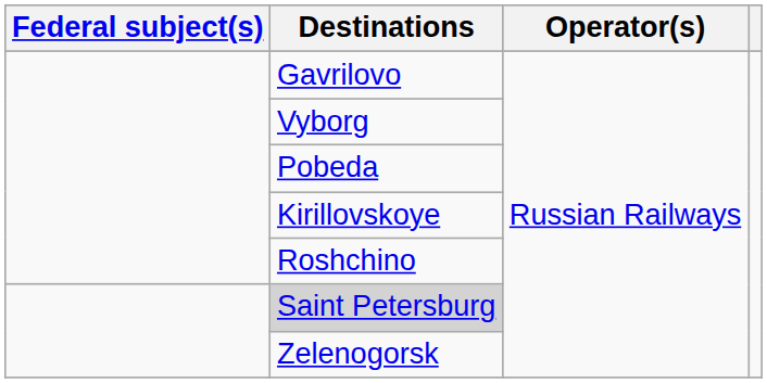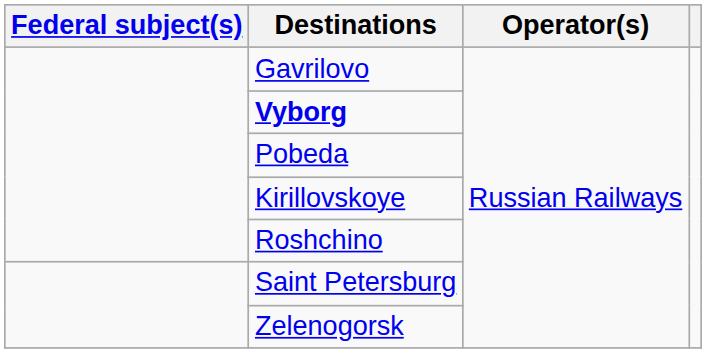 <table class="wikitable">
 <tr>
 <th><a href='#'>Federal subject(s)</a></th>
 <th>Destinations</th>
 <th>Operator(s)</th>
 <th></th>
 </tr>
 <tr>
 <td rowspan="5"></td>
 <td><a href='#'>Gavrilovo</a></td>
 <td rowspan="7"><a href='#'>Russian Railways</a></td>
 <td rowspan="7"></td>
 </tr>
 <tr>
-<td><a href='#'>Vyborg</a></td>
+<td><strong><a href='#'>Vyborg</a></strong></td>
 </tr>
 <tr>
 <td><a href='#'>Pobeda</a></td>
 </tr>
 <tr>
 <td><a href='#'>Kirillovskoye</a></td>
 </tr>
 <tr>
 <td><a href='#'>Roshchino</a></td>
 </tr>
 <tr>
 <td rowspan="2"></td>
-<td style="background: lightgrey;"><a href='#'>Saint Petersburg</a></td>
+<td><a href='#'>Saint Petersburg</a></td>
 </tr>
 <tr>
 <td><a href='#'>Zelenogorsk</a></td>
 </tr>
 </table>
